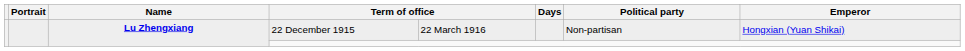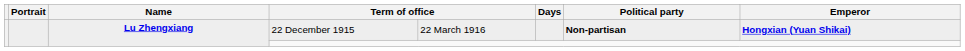 <table class="wikitable">
 <tr>
 <th></th>
 <th>Portrait</th>
 <th width=25%>Name<br></th>
 <th colspan=2 width=30%>Term of office</th>
 <th>Days</th>
 <th width=20%>Political party</th>
 <th width=35%>Emperor</th>
 </tr>
 <tr bgcolor=#EEEEEE>
 <th rowspan=2 style="background:"></th>
 <td rowspan=2 align=center></td>
 <td rowspan=2 align=center><strong><a href='#'>Lu Zhengxiang</a></strong><br><br></td>
 <td>22 December 1915</td>
 <td>22 March 1916</td>
 <td></td>
-<td>Non-partisan</td>
-<td><a href='#'>Hongxian (Yuan Shikai)</a></td>
+<td><strong>Non-partisan</strong></td>
+<td><strong><a href='#'>Hongxian (Yuan Shikai)</a></strong></td>
 </tr>
 <tr>
 <td colspan=5></td>
 </tr>
 </table>
